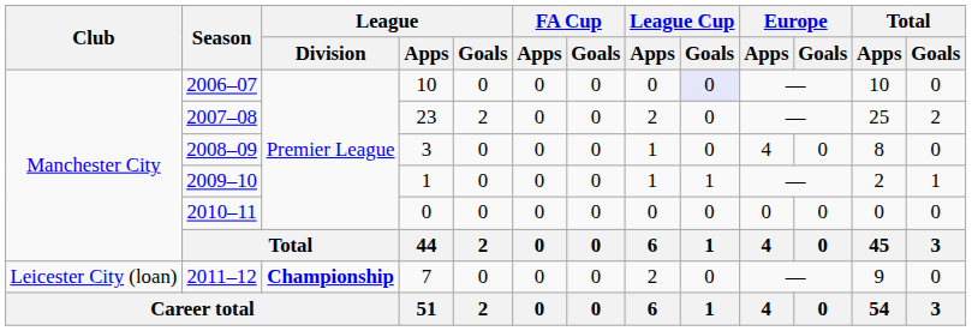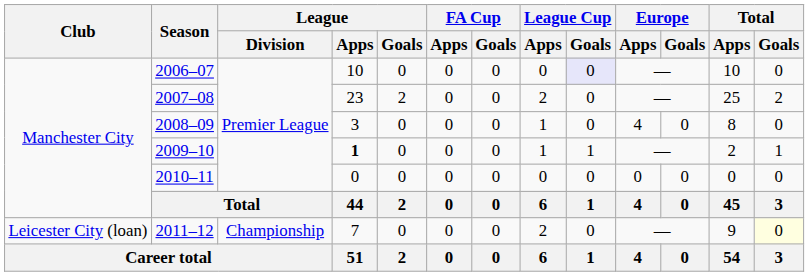 <table class="wikitable" style="text-align:center">
 <tr>
 <th rowspan="2">Club</th>
 <th rowspan="2">Season</th>
 <th colspan="3">League</th>
 <th colspan="2"><a href='#'>FA Cup</a></th>
 <th colspan="2"><a href='#'>League Cup</a></th>
 <th colspan="2"><a href='#'>Europe</a></th>
 <th colspan="2">Total</th>
 </tr>
 <tr>
 <th>Division</th>
 <th>Apps</th>
 <th>Goals</th>
 <th>Apps</th>
 <th>Goals</th>
 <th>Apps</th>
 <th>Goals</th>
 <th>Apps</th>
 <th>Goals</th>
 <th>Apps</th>
 <th>Goals</th>
 </tr>
 <tr>
 <td rowspan="6"><a href='#'>Manchester City</a></td>
 <td><a href='#'>2006–07</a></td>
 <td rowspan="5"><a href='#'>Premier League</a></td>
 <td>10</td>
 <td>0</td>
 <td>0</td>
 <td>0</td>
 <td>0</td>
 <td style="background: lavender;">0</td>
 <td colspan="2">―</td>
 <td>10</td>
 <td>0</td>
 </tr>
 <tr>
 <td><a href='#'>2007–08</a></td>
 <td>23</td>
 <td>2</td>
 <td>0</td>
 <td>0</td>
 <td>2</td>
 <td>0</td>
 <td colspan="2">―</td>
 <td>25</td>
 <td>2</td>
 </tr>
 <tr>
 <td><a href='#'>2008–09</a></td>
 <td>3</td>
 <td>0</td>
 <td>0</td>
 <td>0</td>
 <td>1</td>
 <td>0</td>
 <td>4</td>
 <td>0</td>
 <td>8</td>
 <td>0</td>
 </tr>
 <tr>
 <td><a href='#'>2009–10</a></td>
-<td>1</td>
+<td><strong>1</strong></td>
 <td>0</td>
 <td>0</td>
 <td>0</td>
 <td>1</td>
 <td>1</td>
 <td colspan="2">―</td>
 <td>2</td>
 <td>1</td>
 </tr>
 <tr>
 <td><a href='#'>2010–11</a></td>
 <td>0</td>
 <td>0</td>
 <td>0</td>
 <td>0</td>
 <td>0</td>
 <td>0</td>
 <td>0</td>
 <td>0</td>
 <td>0</td>
 <td>0</td>
 </tr>
 <tr>
 <th colspan="2">Total</th>
 <th>44</th>
 <th>2</th>
 <th>0</th>
 <th>0</th>
 <th>6</th>
 <th>1</th>
 <th>4</th>
 <th>0</th>
 <th>45</th>
 <th>3</th>
 </tr>
 <tr>
 <td><a href='#'>Leicester City</a> (loan)</td>
 <td><a href='#'>2011–12</a></td>
-<td><strong><a href='#'>Championship</a></strong></td>
+<td><a href='#'>Championship</a></td>
 <td>7</td>
 <td>0</td>
 <td>0</td>
 <td>0</td>
 <td>2</td>
 <td>0</td>
 <td colspan="2">―</td>
 <td>9</td>
-<td>0</td>
+<td style="background: lightyellow;">0</td>
 </tr>
 <tr>
 <th colspan="3">Career total</th>
 <th>51</th>
 <th>2</th>
 <th>0</th>
 <th>0</th>
 <th>6</th>
 <th>1</th>
 <th>4</th>
 <th>0</th>
 <th>54</th>
 <th>3</th>
 </tr>
 </table>
